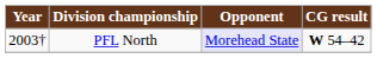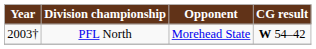 <table class="wikitable" style="text-align:center">
 <tr>
 <th style="background:#613318; color:white;">Year</th>
 <th style="background:#613318; color:white;">Division championship</th>
 <th style="background:#613318; color:white;">Opponent</th>
 <th style="background:#613318; color:white;">CG result</th>
 </tr>
 <tr>
 <td>2003†</td>
 <td><a href='#'>PFL</a> North</td>
-<td style="background: lavender;"><a href='#'>Morehead State</a></td>
+<td><a href='#'>Morehead State</a></td>
 <td><strong>W</strong> 54–42</td>
 </tr>
 <tr style="background:#613318; color:white; font-weight: bold;">
 </tr>
 </table>
